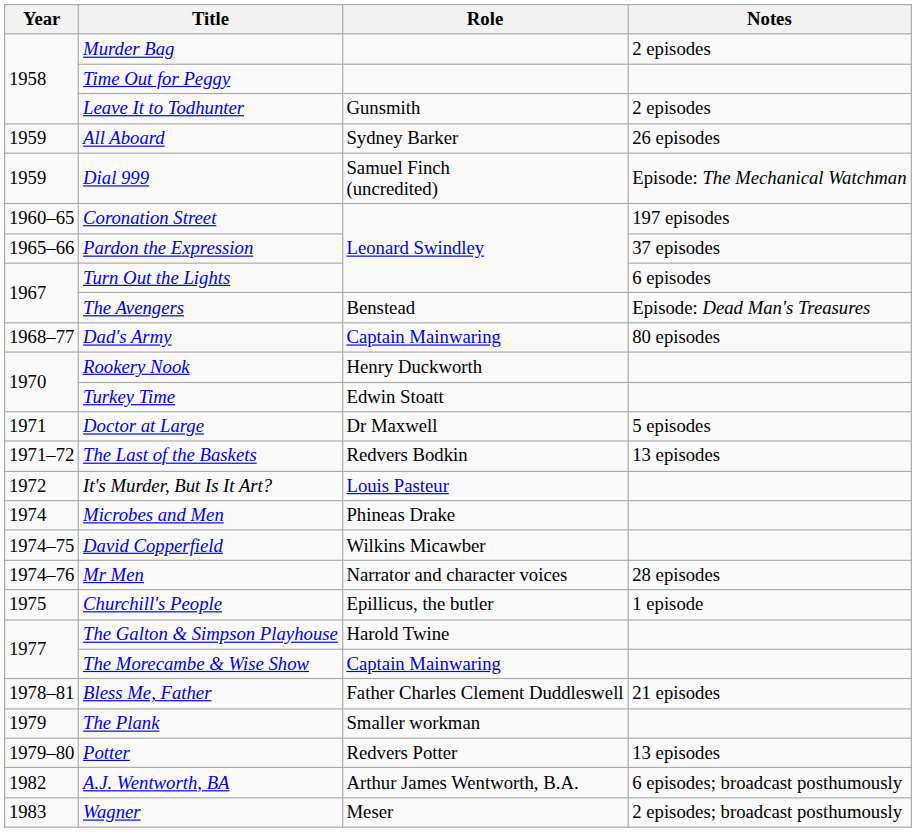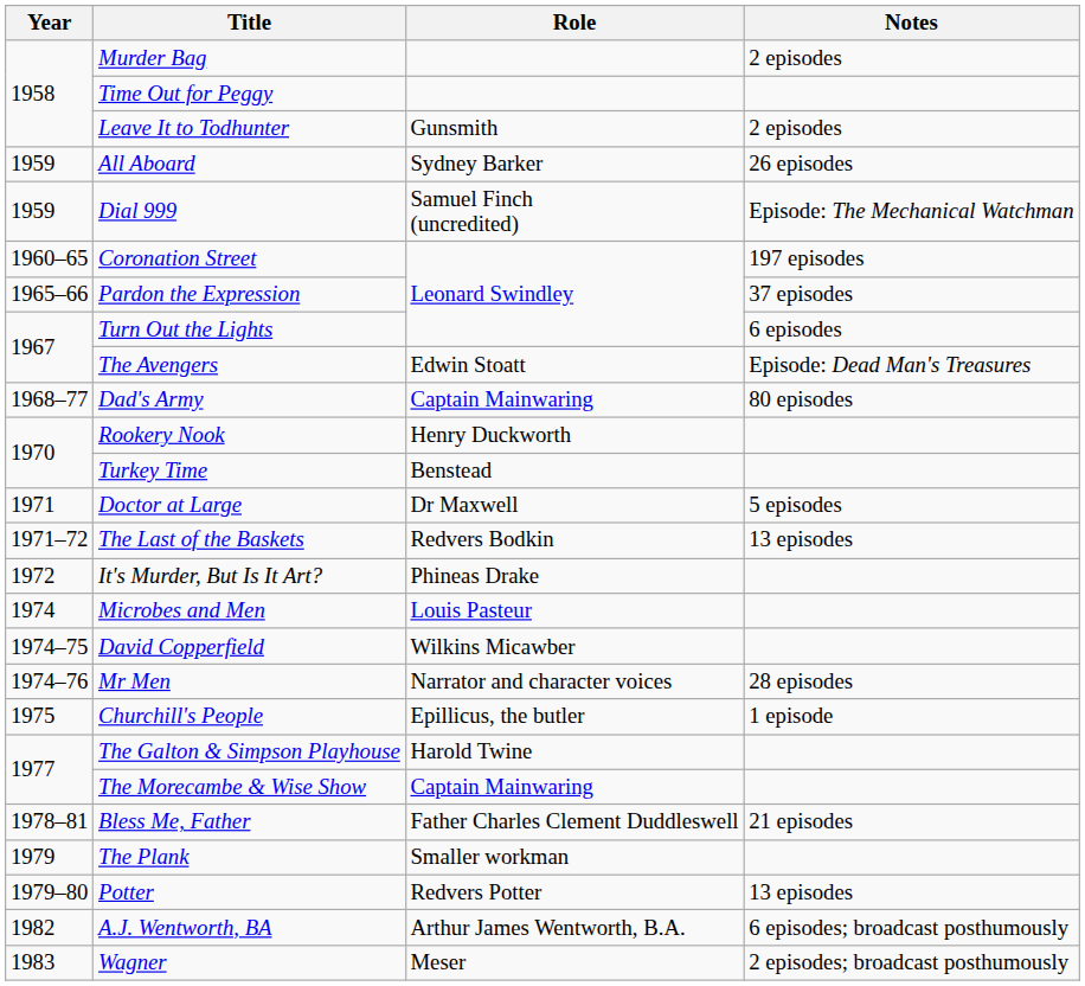 <table class="wikitable">
 <tr>
 <th>Year</th>
 <th>Title</th>
 <th>Role</th>
 <th>Notes</th>
 </tr>
 <tr>
 <td rowspan="3">1958</td>
 <td><em><a href='#'>Murder Bag</a></em></td>
 <td></td>
 <td>2 episodes</td>
 </tr>
 <tr>
 <td><em><a href='#'>Time Out for Peggy</a></em></td>
 <td></td>
 <td></td>
 </tr>
 <tr>
 <td><em><a href='#'>Leave It to Todhunter</a></em></td>
 <td>Gunsmith</td>
 <td>2 episodes</td>
 </tr>
 <tr>
 <td>1959</td>
 <td><em><a href='#'>All Aboard</a></em></td>
 <td>Sydney Barker</td>
 <td>26 episodes</td>
 </tr>
 <tr>
 <td>1959</td>
 <td><em><a href='#'>Dial 999</a></em></td>
 <td>Samuel Finch<br>(uncredited)</td>
 <td>Episode: <em>The Mechanical Watchman</em></td>
 </tr>
 <tr>
 <td>1960–65</td>
 <td><em><a href='#'>Coronation Street</a></em></td>
 <td rowspan="3"><a href='#'>Leonard Swindley</a></td>
 <td>197 episodes</td>
 </tr>
 <tr>
 <td>1965–66</td>
 <td><em><a href='#'>Pardon the Expression</a></em></td>
 <td>37 episodes</td>
 </tr>
 <tr>
 <td rowspan="2">1967</td>
 <td><em><a href='#'>Turn Out the Lights</a></em></td>
 <td>6 episodes</td>
 </tr>
 <tr>
 <td><em><a href='#'>The Avengers</a></em></td>
-<td>Benstead</td>
+<td>Edwin Stoatt</td>
 <td>Episode: <em>Dead Man's Treasures</em></td>
 </tr>
 <tr>
 <td>1968–77</td>
 <td><em><a href='#'>Dad's Army</a></em></td>
 <td><a href='#'>Captain Mainwaring</a></td>
 <td>80 episodes</td>
 </tr>
 <tr>
 <td rowspan="2">1970</td>
 <td><em><a href='#'>Rookery Nook</a></em></td>
 <td>Henry Duckworth</td>
 <td></td>
 </tr>
 <tr>
 <td><em><a href='#'>Turkey Time</a></em></td>
-<td>Edwin Stoatt</td>
+<td>Benstead</td>
 <td></td>
 </tr>
 <tr>
 <td>1971</td>
 <td><em><a href='#'>Doctor at Large</a></em></td>
 <td>Dr Maxwell</td>
 <td>5 episodes</td>
 </tr>
 <tr>
 <td>1971–72</td>
 <td><em><a href='#'>The Last of the Baskets</a></em></td>
 <td>Redvers Bodkin</td>
 <td>13 episodes</td>
 </tr>
 <tr>
 <td>1972</td>
 <td><em>It's Murder, But Is It Art?</em></td>
-<td><a href='#'>Louis Pasteur</a></td>
+<td>Phineas Drake</td>
 <td></td>
 </tr>
 <tr>
 <td>1974</td>
 <td><em><a href='#'>Microbes and Men</a></em></td>
-<td>Phineas Drake</td>
+<td><a href='#'>Louis Pasteur</a></td>
 <td></td>
 </tr>
 <tr>
 <td>1974–75</td>
 <td><em><a href='#'>David Copperfield</a></em></td>
 <td>Wilkins Micawber</td>
 <td></td>
 </tr>
 <tr>
 <td>1974–76</td>
 <td><a href='#'><em>Mr Men</em></a></td>
 <td>Narrator and character voices</td>
 <td>28 episodes</td>
 </tr>
 <tr>
 <td>1975</td>
 <td><em><a href='#'>Churchill's People</a></em></td>
 <td>Epillicus, the butler</td>
 <td>1 episode</td>
 </tr>
 <tr>
 <td rowspan="2">1977</td>
 <td><em><a href='#'>The Galton & Simpson Playhouse</a></em></td>
 <td>Harold Twine</td>
 <td></td>
 </tr>
 <tr>
 <td><em><a href='#'>The Morecambe & Wise Show</a></em></td>
 <td><a href='#'>Captain Mainwaring</a></td>
 <td></td>
 </tr>
 <tr>
 <td>1978–81</td>
 <td><em><a href='#'>Bless Me, Father</a></em></td>
 <td>Father Charles Clement Duddleswell</td>
 <td>21 episodes</td>
 </tr>
 <tr>
 <td>1979</td>
 <td><em><a href='#'>The Plank</a></em></td>
 <td>Smaller workman</td>
 <td></td>
 </tr>
 <tr>
 <td>1979–80<br></td>
 <td><em><a href='#'>Potter</a></em></td>
 <td>Redvers Potter</td>
 <td>13 episodes</td>
 </tr>
 <tr>
 <td>1982</td>
 <td><em><a href='#'>A.J. Wentworth, BA</a></em></td>
 <td>Arthur James Wentworth, B.A.</td>
 <td>6 episodes; broadcast posthumously</td>
 </tr>
 <tr>
 <td>1983</td>
 <td><em><a href='#'>Wagner</a></em></td>
 <td>Meser</td>
 <td>2 episodes; broadcast posthumously</td>
 </tr>
 </table>
